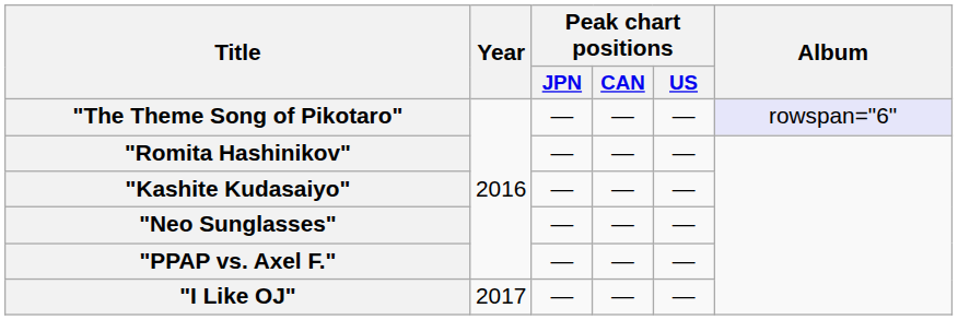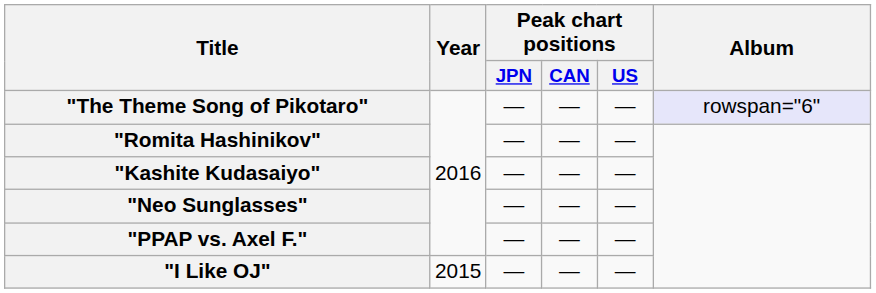 <table class="wikitable plainrowheaders" style="text-align:center;">
 <tr>
 <th scope="col" rowspan="2" style="width:20em;">Title</th>
 <th scope="col" rowspan="2" style="width:1em;">Year</th>
 <th scope="col" colspan="3">Peak chart positions</th>
 <th scope="col" rowspan="2" style="width:10em;">Album</th>
 </tr>
 <tr>
 <th scope="col" style="width:2.5em;font-size:90%;"><a href='#'>JPN</a><br></th>
 <th scope="col" style="width:2.5em;font-size:90%;"><a href='#'>CAN</a><br></th>
 <th scope="col" style="width:2.5em;font-size:90%;"><a href='#'>US</a><br></th>
 </tr>
 <tr>
 <th scope="row">"The Theme Song of Pikotaro"</th>
 <td rowspan="5">2016</td>
 <td>—</td>
 <td>—</td>
 <td>—</td>
 <td style="background: lavender;">rowspan="6" </td>
 </tr>
 <tr>
 <th scope="row">"Romita Hashinikov"</th>
 <td>—</td>
 <td>—</td>
 <td>—</td>
 </tr>
 <tr>
 <th scope="row">"Kashite Kudasaiyo"</th>
 <td>—</td>
 <td>—</td>
 <td>—</td>
 </tr>
 <tr>
 <th scope="row">"Neo Sunglasses"</th>
 <td>—</td>
 <td>—</td>
 <td>—</td>
 </tr>
 <tr>
 <th scope="row">"PPAP vs. Axel F."</th>
 <td>—</td>
 <td>—</td>
 <td>—</td>
 </tr>
 <tr>
 <th scope="row">"I Like OJ"</th>
-<td>2017</td>
+<td>2015</td>
 <td>—</td>
 <td>—</td>
 <td>—</td>
 </tr>
 </table>
